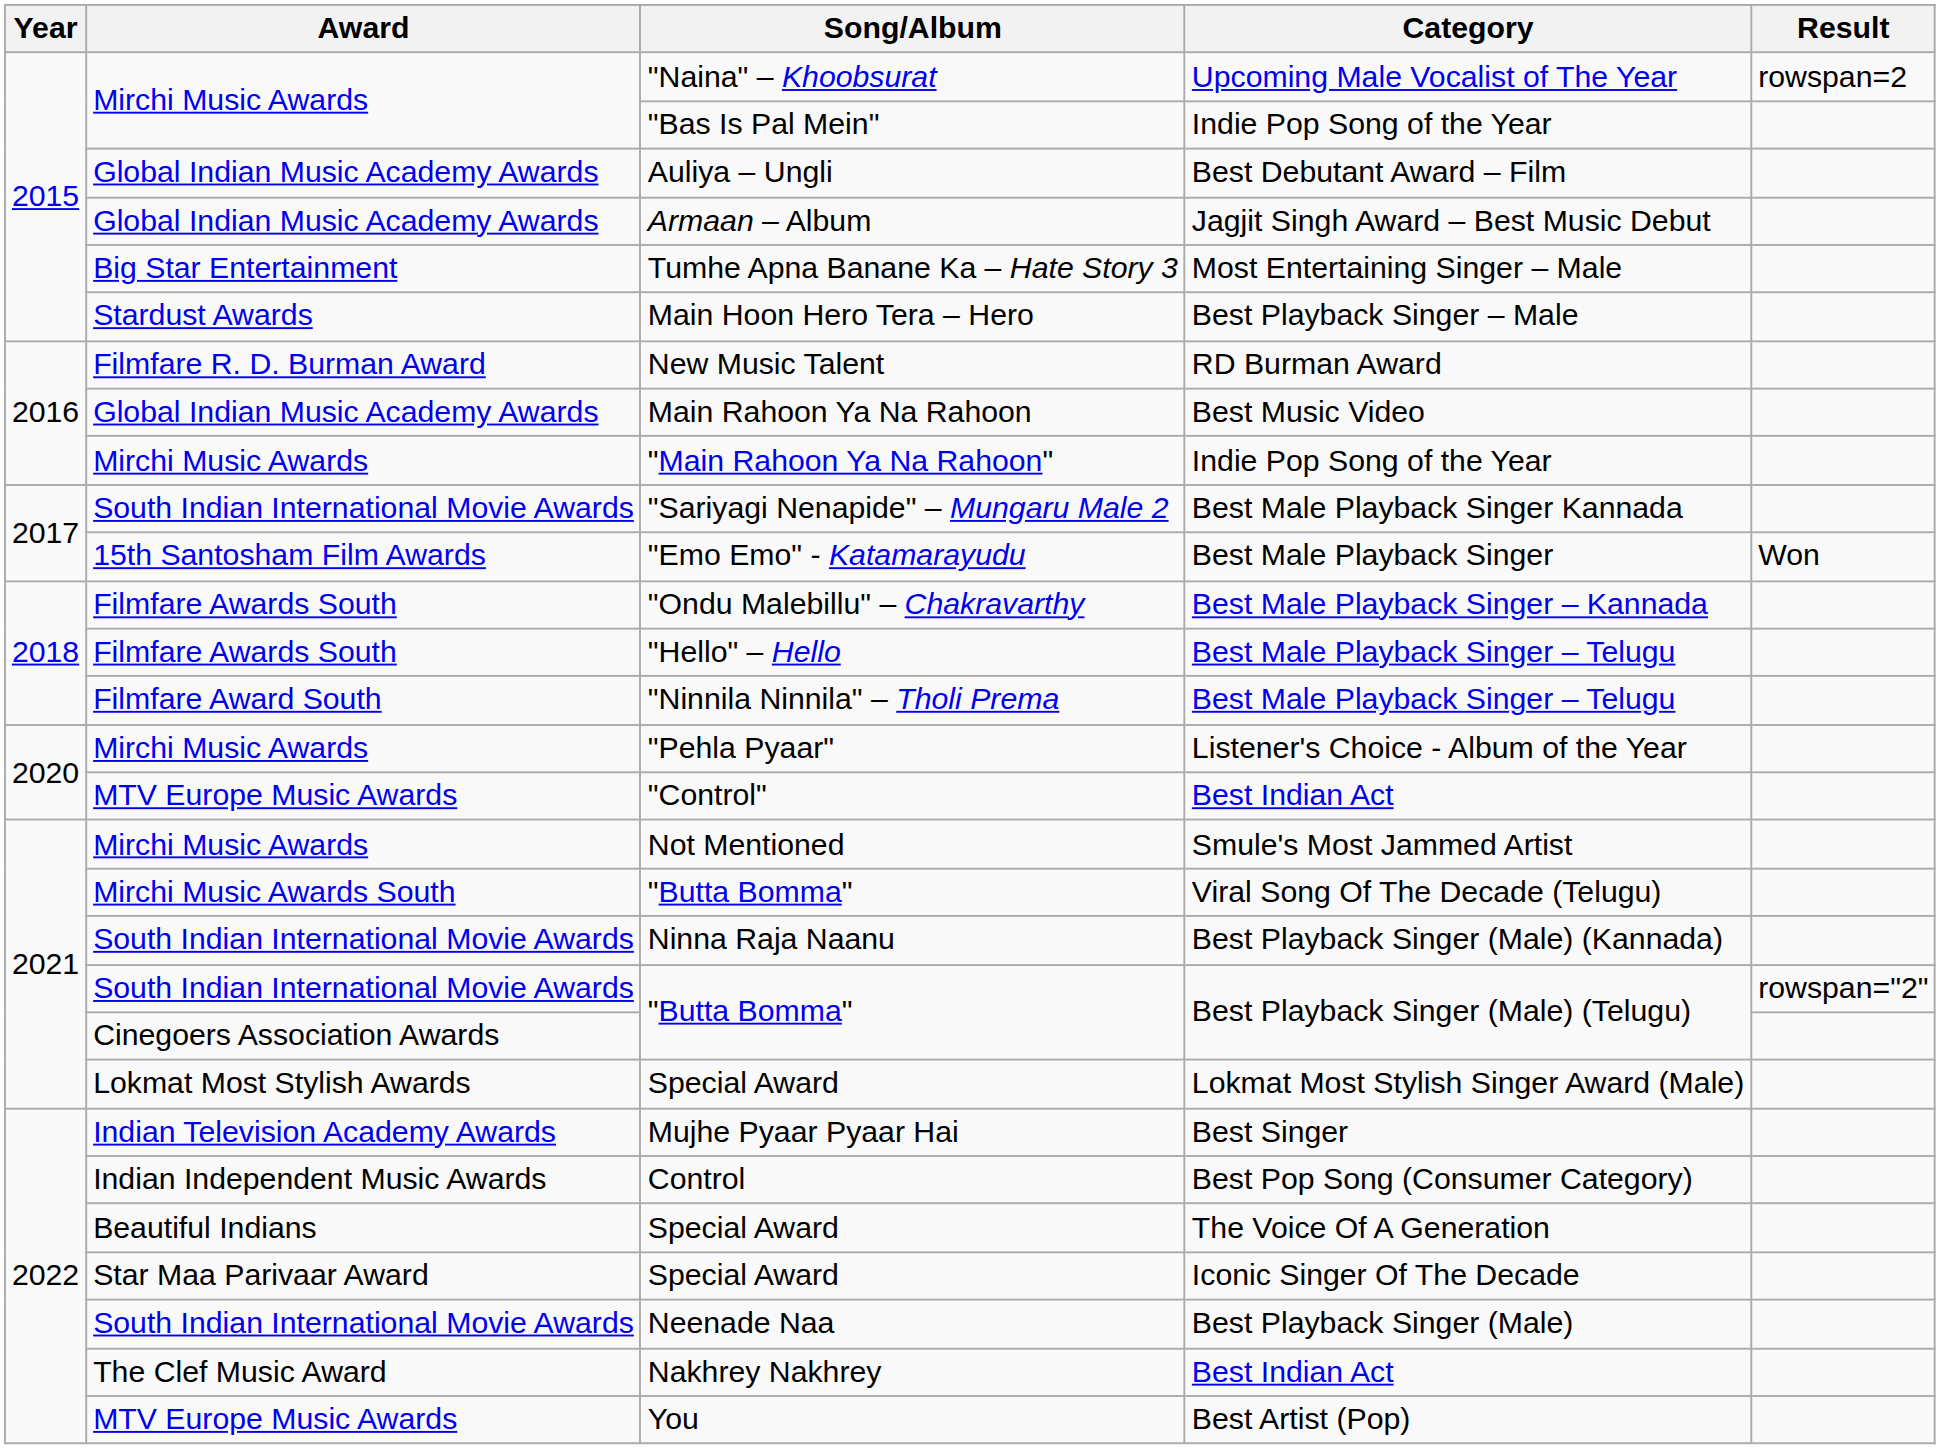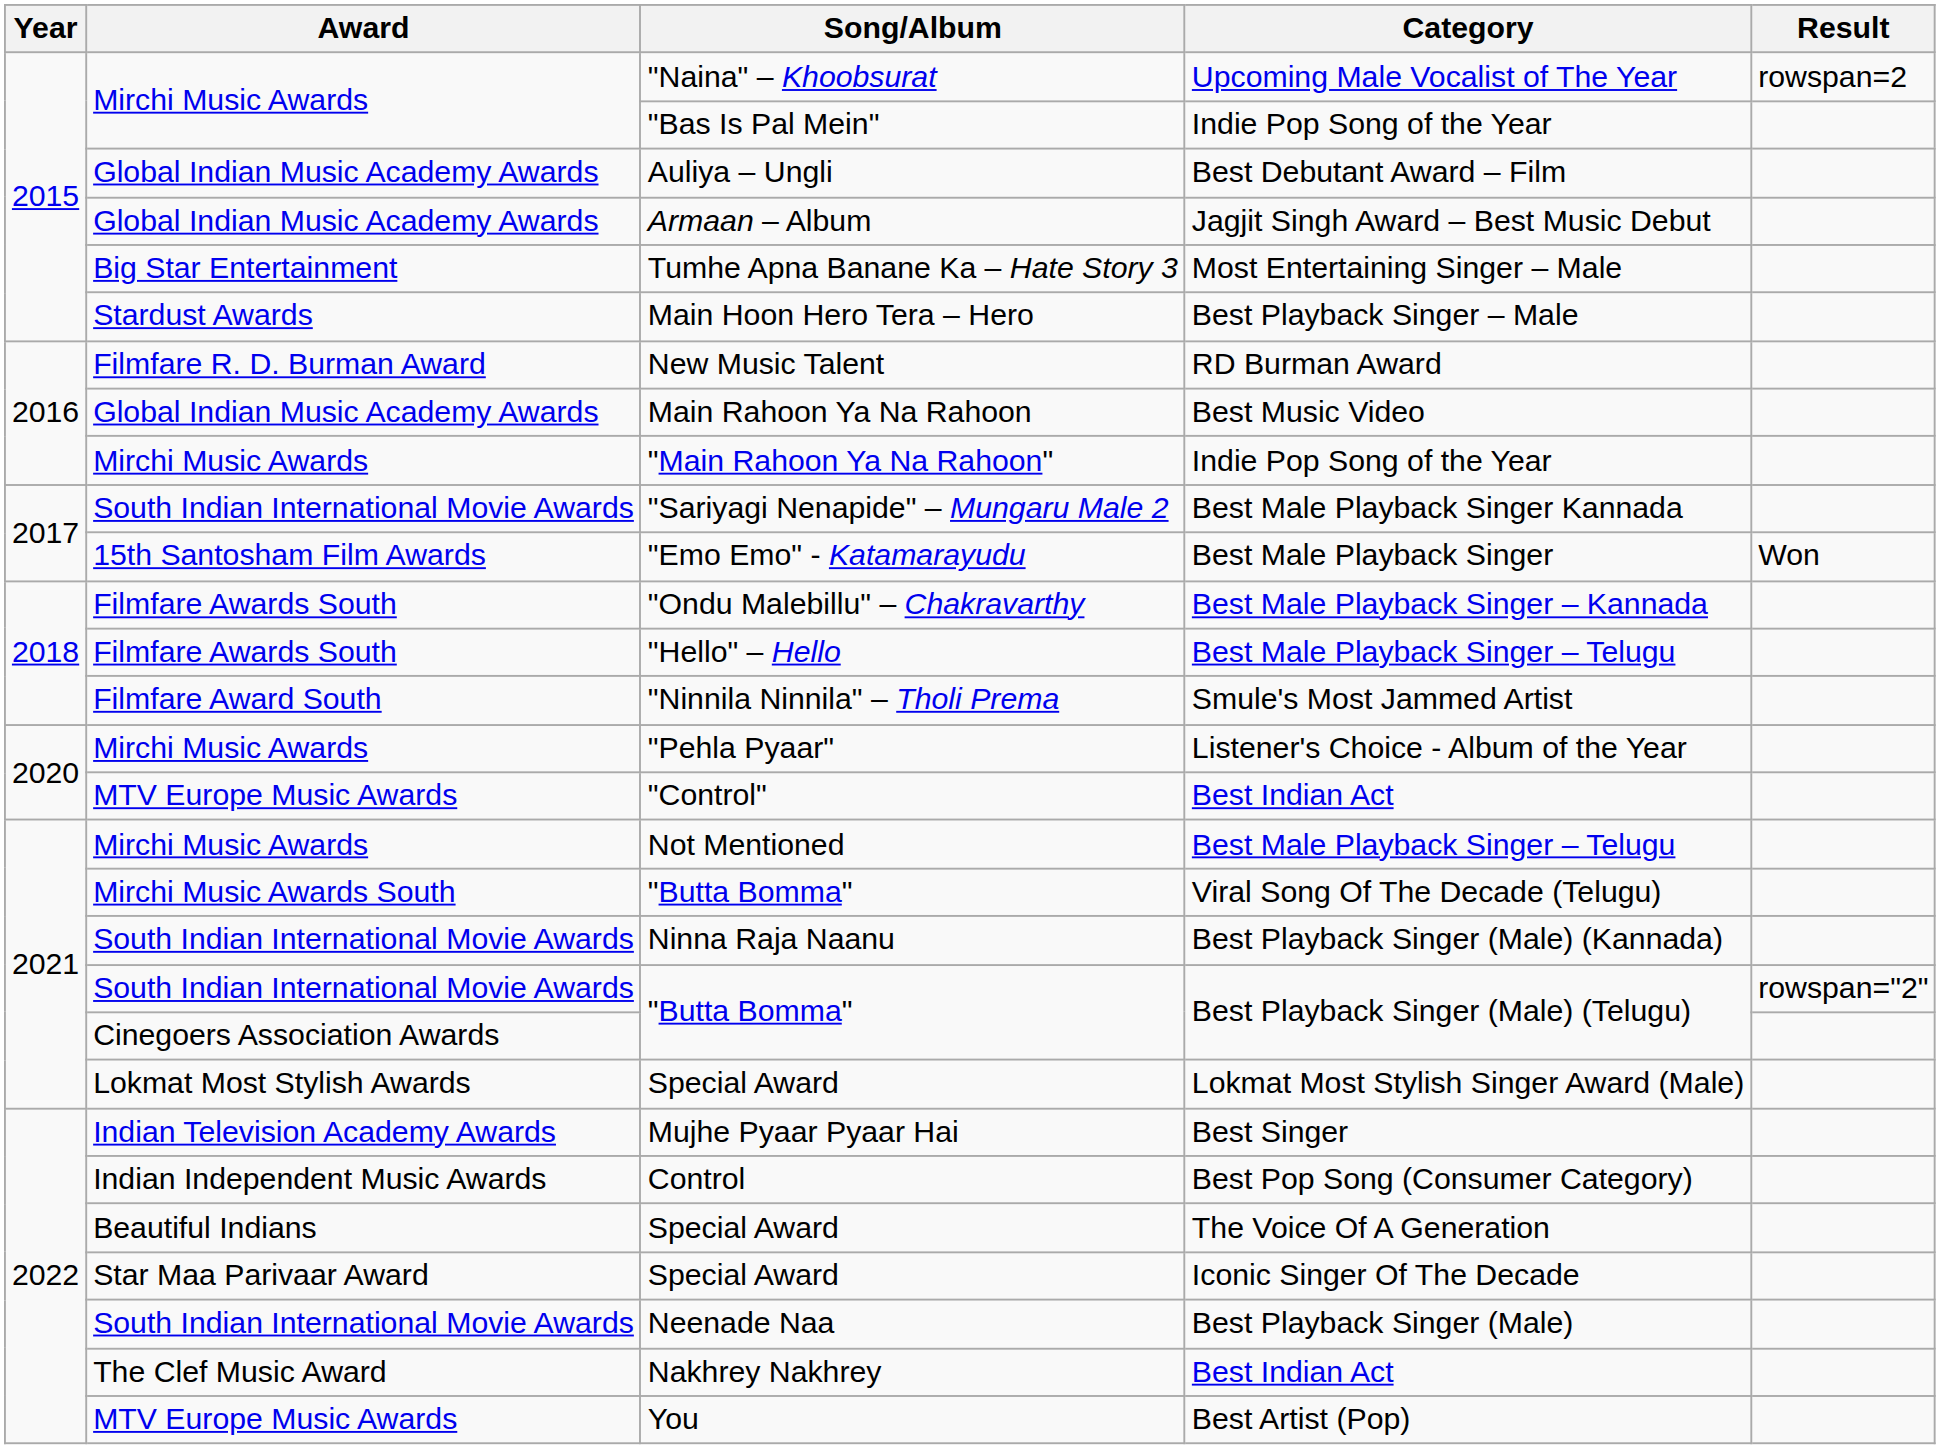 <table class="wikitable">
 <tr>
 <th>Year</th>
 <th>Award</th>
 <th>Song/Album</th>
 <th>Category</th>
 <th>Result</th>
 </tr>
 <tr>
 <td rowspan="6"><a href='#'>2015</a></td>
 <td rowspan="2"><a href='#'>Mirchi Music Awards</a></td>
 <td>"Naina" – <em><a href='#'>Khoobsurat</a></em></td>
 <td><a href='#'>Upcoming Male Vocalist of The Year</a></td>
 <td>rowspan=2 </td>
 </tr>
 <tr>
 <td>"Bas Is Pal Mein"</td>
 <td>Indie Pop Song of the Year</td>
 </tr>
 <tr>
 <td><a href='#'>Global Indian Music Academy Awards</a></td>
 <td>Auliya – Ungli</td>
 <td>Best Debutant Award – Film</td>
 <td></td>
 </tr>
 <tr>
 <td><a href='#'>Global Indian Music Academy Awards</a></td>
 <td><em>Armaan</em> – Album</td>
 <td>Jagjit Singh Award – Best Music Debut</td>
 <td></td>
 </tr>
 <tr>
 <td><a href='#'>Big Star Entertainment</a></td>
 <td>Tumhe Apna Banane Ka – <em>Hate Story 3</em></td>
 <td>Most Entertaining Singer – Male</td>
 <td></td>
 </tr>
 <tr>
 <td><a href='#'>Stardust Awards</a></td>
 <td>Main Hoon Hero Tera – Hero</td>
 <td>Best Playback Singer – Male</td>
 <td></td>
 </tr>
 <tr>
 <td rowspan="3">2016</td>
 <td><a href='#'>Filmfare R. D. Burman Award</a></td>
 <td>New Music Talent</td>
 <td>RD Burman Award</td>
 <td></td>
 </tr>
 <tr>
 <td><a href='#'>Global Indian Music Academy Awards</a></td>
 <td Main Rahoon Ya Na>Main Rahoon Ya Na Rahoon</td>
 <td>Best Music Video</td>
 <td></td>
 </tr>
 <tr>
 <td><a href='#'>Mirchi Music Awards</a></td>
 <td>"<a href='#'>Main Rahoon Ya Na Rahoon</a>"</td>
 <td>Indie Pop Song of the Year</td>
 <td></td>
 </tr>
 <tr>
 <td rowspan="2">2017</td>
 <td><a href='#'>South Indian International Movie Awards</a></td>
 <td>"Sariyagi Nenapide" – <em><a href='#'>Mungaru Male 2</a></em></td>
 <td>Best Male Playback Singer Kannada</td>
 <td></td>
 </tr>
 <tr>
 <td><a href='#'>15th Santosham Film Awards</a></td>
 <td>"Emo Emo" - <em><a href='#'>Katamarayudu</a></em></td>
 <td>Best Male Playback Singer</td>
 <td>Won</td>
 </tr>
 <tr>
 <td rowspan="3"><a href='#'>2018</a></td>
 <td><a href='#'>Filmfare Awards South</a></td>
 <td>"Ondu Malebillu" – <em><a href='#'>Chakravarthy</a></em></td>
 <td><a href='#'>Best Male Playback Singer – Kannada</a></td>
 <td></td>
 </tr>
 <tr>
 <td><a href='#'>Filmfare Awards South</a></td>
 <td>"Hello" – <em><a href='#'>Hello</a></em></td>
 <td><a href='#'>Best Male Playback Singer – Telugu</a></td>
 <td></td>
 </tr>
 <tr>
 <td><a href='#'>Filmfare Award South</a></td>
 <td>"Ninnila Ninnila" – <em><a href='#'>Tholi Prema</a></em></td>
-<td><a href='#'>Best Male Playback Singer – Telugu</a></td>
+<td>Smule's Most Jammed Artist</td>
 <td></td>
 </tr>
 <tr>
 <td rowspan="2">2020</td>
 <td><a href='#'>Mirchi Music Awards</a></td>
 <td>"Pehla Pyaar"</td>
 <td>Listener's Choice - Album of the Year</td>
 <td></td>
 </tr>
 <tr>
 <td><a href='#'>MTV Europe Music Awards</a></td>
 <td>"Control"</td>
 <td><a href='#'>Best Indian Act</a></td>
 <td></td>
 </tr>
 <tr>
 <td rowspan="6">2021</td>
 <td><a href='#'>Mirchi Music Awards</a></td>
 <td>Not Mentioned</td>
-<td>Smule's Most Jammed Artist</td>
+<td><a href='#'>Best Male Playback Singer – Telugu</a></td>
 <td></td>
 </tr>
 <tr>
 <td><a href='#'>Mirchi Music Awards South</a></td>
 <td>"<a href='#'>Butta Bomma</a>"</td>
 <td>Viral Song Of The Decade (Telugu)</td>
 <td></td>
 </tr>
 <tr>
 <td><a href='#'>South Indian International Movie Awards</a></td>
 <td>Ninna Raja Naanu</td>
 <td>Best Playback Singer (Male) (Kannada)</td>
 <td></td>
 </tr>
 <tr>
 <td><a href='#'>South Indian International Movie Awards</a></td>
 <td rowspan="2">"<a href='#'>Butta Bomma</a>"</td>
 <td rowspan="2">Best Playback Singer (Male) (Telugu)</td>
 <td>rowspan="2" </td>
 </tr>
 <tr>
 <td>Cinegoers Association Awards</td>
 </tr>
 <tr>
 <td>Lokmat Most Stylish Awards</td>
 <td>Special Award</td>
 <td>Lokmat Most Stylish Singer Award (Male)</td>
 <td></td>
 </tr>
 <tr>
 <td rowspan="7">2022</td>
 <td><a href='#'>Indian Television Academy Awards</a></td>
 <td>Mujhe Pyaar Pyaar Hai</td>
 <td>Best Singer</td>
 <td></td>
 </tr>
 <tr>
 <td>Indian Independent Music Awards</td>
 <td>Control</td>
 <td>Best Pop Song (Consumer Category)</td>
 <td></td>
 </tr>
 <tr>
 <td>Beautiful Indians</td>
 <td>Special Award</td>
 <td>The Voice Of A Generation</td>
 <td></td>
 </tr>
 <tr>
 <td>Star Maa Parivaar Award</td>
 <td>Special Award</td>
 <td>Iconic Singer Of The Decade</td>
 <td></td>
 </tr>
 <tr>
 <td><a href='#'>South Indian International Movie Awards</a></td>
 <td>Neenade Naa</td>
 <td>Best Playback Singer (Male)</td>
 <td></td>
 </tr>
 <tr>
 <td>The Clef Music Award</td>
 <td>Nakhrey Nakhrey</td>
 <td><a href='#'>Best Indian Act</a></td>
 <td></td>
 </tr>
 <tr>
 <td><a href='#'>MTV Europe Music Awards</a></td>
 <td>You</td>
 <td>Best Artist (Pop)</td>
 <td></td>
 </tr>
 </table>
